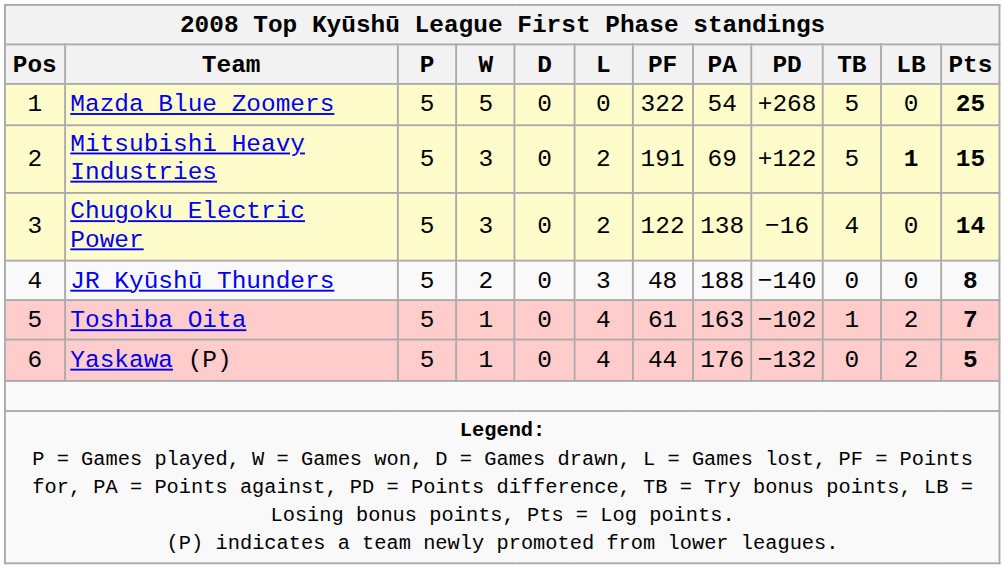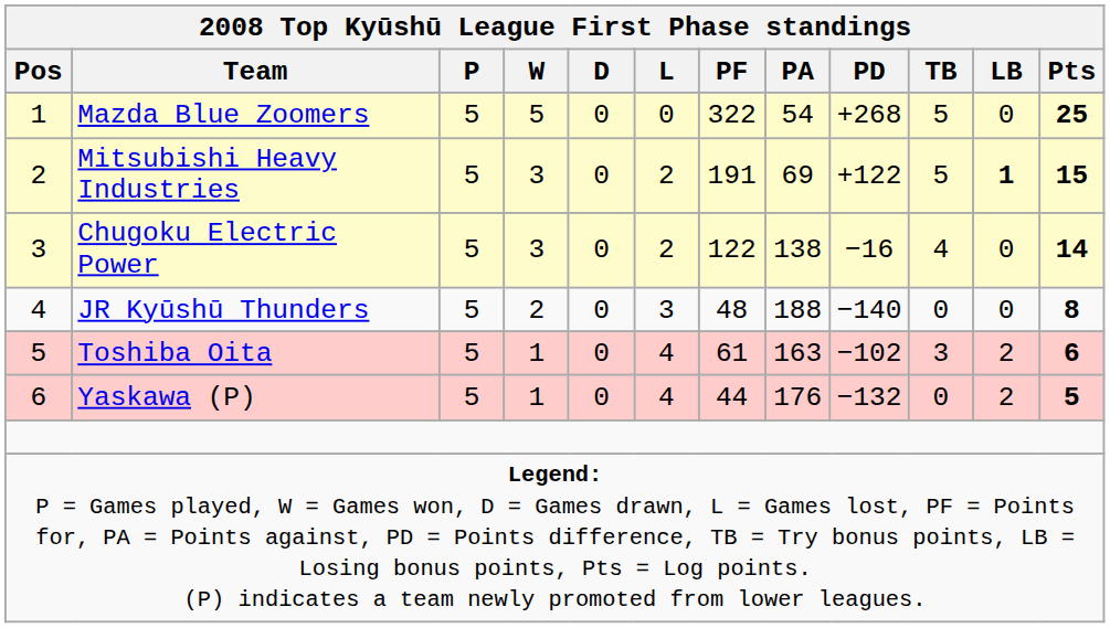 <table class="wikitable" style="text-align:center; font-size:100%; width:60%;">
 <tr>
 <th colspan="100%" cellpadding="0" cellspacing="0"><strong>2008 Top Kyūshū League First Phase standings</strong></th>
 </tr>
 <tr>
 <th style="width:6%;">Pos</th>
 <th style="width:34%;">Team</th>
 <th style="width:6%;">P</th>
 <th style="width:6%;">W</th>
 <th style="width:6%;">D</th>
 <th style="width:6%;">L</th>
 <th style="width:6%;">PF</th>
 <th style="width:6%;">PA</th>
 <th style="width:6%;">PD</th>
 <th style="width:6%;">TB</th>
 <th style="width:6%;">LB</th>
 <th style="width:6%;">Pts<br></th>
 </tr>
 <tr style="background:#FFFCCC;">
 <td>1</td>
 <td style="text-align:left;"><a href='#'>Mazda Blue Zoomers</a></td>
 <td>5</td>
 <td>5</td>
 <td>0</td>
 <td>0</td>
 <td>322</td>
 <td>54</td>
 <td>+268</td>
 <td>5</td>
 <td>0</td>
 <td><strong>25</strong></td>
 </tr>
 <tr style="background:#FFFCCC;">
 <td>2</td>
 <td style="text-align:left;"><a href='#'>Mitsubishi Heavy Industries</a></td>
 <td>5</td>
 <td>3</td>
 <td>0</td>
 <td>2</td>
 <td>191</td>
 <td>69</td>
 <td>+122</td>
 <td>5</td>
 <td><strong>1</strong></td>
 <td><strong>15</strong></td>
 </tr>
 <tr style="background:#FFFCCC;">
 <td>3</td>
 <td style="text-align:left;"><a href='#'>Chugoku Electric Power</a></td>
 <td>5</td>
 <td>3</td>
 <td>0</td>
 <td>2</td>
 <td>122</td>
 <td>138</td>
 <td>−16</td>
 <td>4</td>
 <td>0</td>
 <td><strong>14</strong></td>
 </tr>
 <tr>
 <td>4</td>
 <td style="text-align:left;"><a href='#'>JR Kyūshū Thunders</a></td>
 <td>5</td>
 <td>2</td>
 <td>0</td>
 <td>3</td>
 <td>48</td>
 <td>188</td>
 <td>−140</td>
 <td>0</td>
 <td>0</td>
 <td><strong>8</strong></td>
 </tr>
 <tr style="background:#FFCCCC;">
 <td>5</td>
 <td style="text-align:left;"><a href='#'>Toshiba Oita</a></td>
 <td>5</td>
 <td>1</td>
 <td>0</td>
 <td>4</td>
 <td>61</td>
 <td>163</td>
 <td>−102</td>
-<td>1</td>
+<td>3</td>
 <td>2</td>
-<td><strong>7</strong></td>
+<td><strong>6</strong></td>
 </tr>
 <tr style="background:#FFCCCC;">
 <td>6</td>
 <td style="text-align:left;"><a href='#'>Yaskawa</a> (P)</td>
 <td>5</td>
 <td>1</td>
 <td>0</td>
 <td>4</td>
 <td>44</td>
 <td>176</td>
 <td>−132</td>
 <td>0</td>
 <td>2</td>
 <td><strong>5</strong></td>
 </tr>
 <tr>
 <td colspan="100%" style="height:10px;"></td>
 </tr>
 <tr>
 <td colspan="100%"><small><strong>Legend:</strong> <br> P = Games played, W = Games won, D = Games drawn, L = Games lost, PF = Points for, PA = Points against, PD = Points difference, TB = Try bonus points, LB = Losing bonus points, Pts = Log points. <br> (P) indicates a team newly promoted from lower leagues.</small></td>
 </tr>
 </table>
